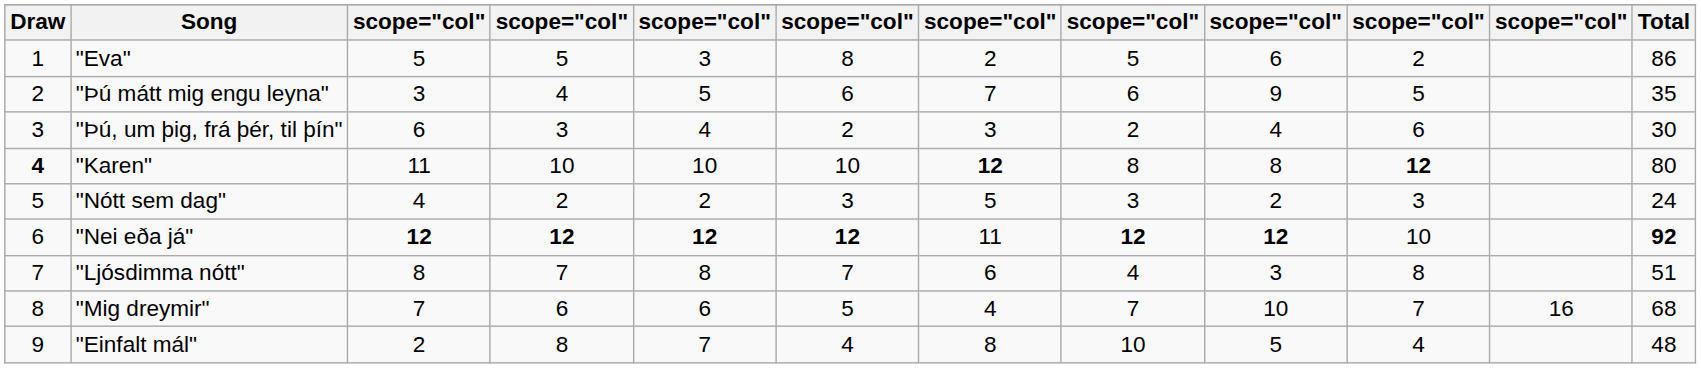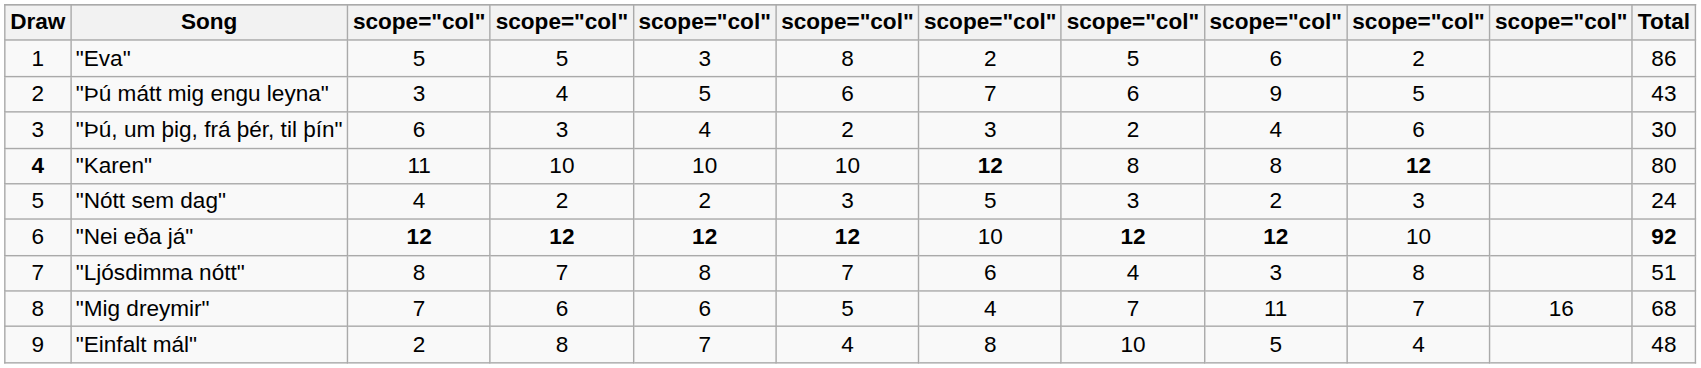 <table class="wikitable plainrowheaders" style="margin: 1em auto 1em auto; text-align:center;">
 <tr>
 </tr>
 <tr>
 <th scope="col">Draw</th>
 <th scope="col">Song</th>
 <th>scope="col" </th>
 <th>scope="col" </th>
 <th>scope="col" </th>
 <th>scope="col" </th>
 <th>scope="col" </th>
 <th>scope="col" </th>
 <th>scope="col" </th>
 <th>scope="col" </th>
 <th>scope="col" </th>
 <th scope="col">Total</th>
 </tr>
 <tr --->
 <td>1</td>
 <td align="left">"Eva"</td>
 <td>5</td>
 <td>5</td>
 <td>3</td>
 <td>8</td>
 <td>2</td>
 <td>5</td>
 <td>6</td>
 <td>2</td>
 <td></td>
 <td>86</td>
 </tr>
 <tr --->
 <td>2</td>
 <td align="left">"Þú mátt mig engu leyna"</td>
 <td>3</td>
 <td>4</td>
 <td>5</td>
 <td>6</td>
 <td>7</td>
 <td>6</td>
 <td>9</td>
 <td>5</td>
 <td></td>
-<td>35</td>
+<td>43</td>
 </tr>
 <tr --->
 <td>3</td>
 <td align="left">"Þú, um þig, frá þér, til þín"</td>
 <td>6</td>
 <td>3</td>
 <td>4</td>
 <td>2</td>
 <td>3</td>
 <td>2</td>
 <td>4</td>
 <td>6</td>
 <td></td>
 <td>30</td>
 </tr>
 <tr --->
 <td><strong>4</strong></td>
 <td align="left">"Karen"</td>
 <td>11</td>
 <td>10</td>
 <td>10</td>
 <td>10</td>
 <td><strong>12</strong></td>
 <td>8</td>
 <td>8</td>
 <td><strong>12</strong></td>
 <td></td>
 <td>80</td>
 </tr>
 <tr --->
 <td>5</td>
 <td align="left">"Nótt sem dag"</td>
 <td>4</td>
 <td>2</td>
 <td>2</td>
 <td>3</td>
 <td>5</td>
 <td>3</td>
 <td>2</td>
 <td>3</td>
 <td></td>
 <td>24</td>
 </tr>
 <tr --->
 <td>6</td>
 <td align="left">"Nei eða já"</td>
 <td><strong>12</strong></td>
 <td><strong>12</strong></td>
 <td><strong>12</strong></td>
 <td><strong>12</strong></td>
-<td>11</td>
+<td>10</td>
 <td><strong>12</strong></td>
 <td><strong>12</strong></td>
 <td>10</td>
 <td></td>
 <td><strong>92</strong></td>
 </tr>
 <tr --->
 <td>7</td>
 <td align="left">"Ljósdimma nótt"</td>
 <td>8</td>
 <td>7</td>
 <td>8</td>
 <td>7</td>
 <td>6</td>
 <td>4</td>
 <td>3</td>
 <td>8</td>
 <td></td>
 <td>51</td>
 </tr>
 <tr --->
 <td>8</td>
 <td align="left">"Mig dreymir"</td>
 <td>7</td>
 <td>6</td>
 <td>6</td>
 <td>5</td>
 <td>4</td>
 <td>7</td>
-<td>10</td>
+<td>11</td>
 <td>7</td>
 <td>16</td>
 <td>68</td>
 </tr>
 <tr --->
 <td>9</td>
 <td align="left">"Einfalt mál"</td>
 <td>2</td>
 <td>8</td>
 <td>7</td>
 <td>4</td>
 <td>8</td>
 <td>10</td>
 <td>5</td>
 <td>4</td>
 <td></td>
 <td>48</td>
 </tr>
 </table>
